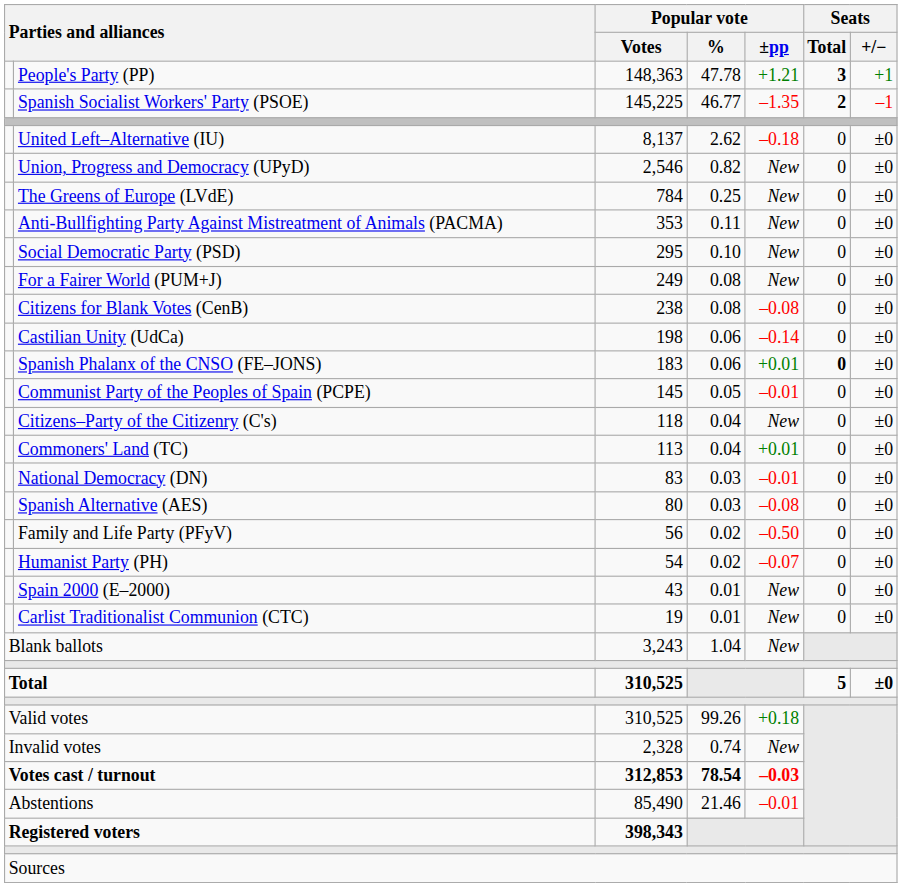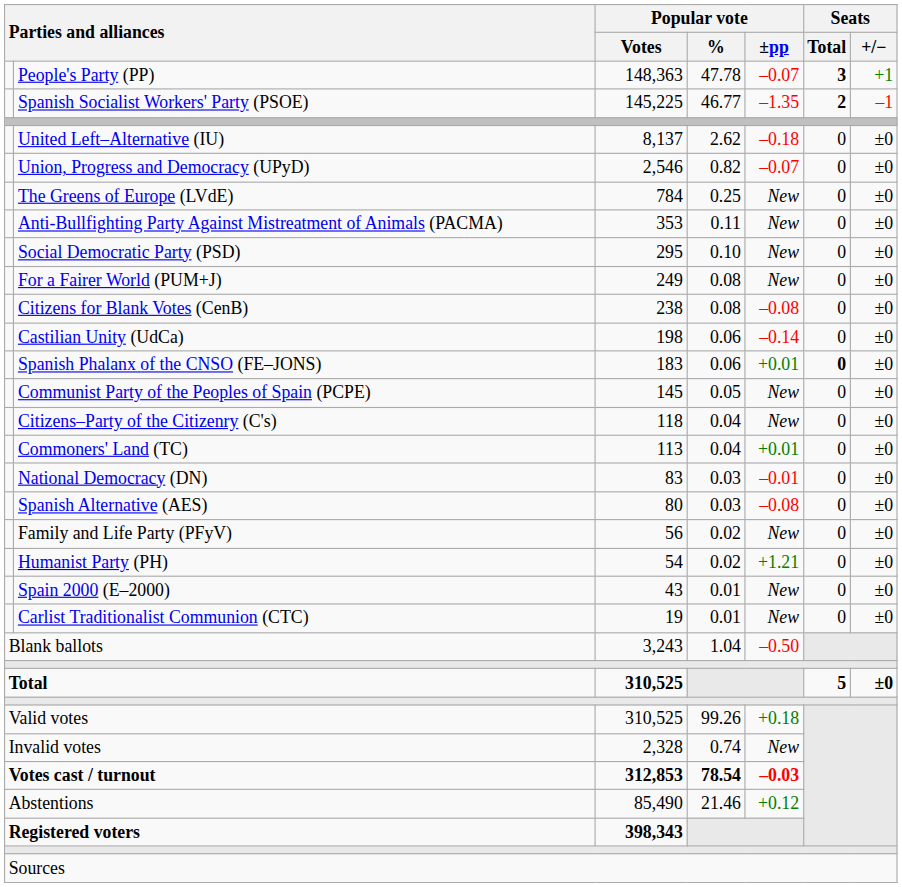 <table class="wikitable" style="text-align:right;">
 <tr>
 <th style="text-align:left;" rowspan="2" colspan="2" width="525">Parties and alliances</th>
 <th colspan="3">Popular vote</th>
 <th colspan="2">Seats</th>
 </tr>
 <tr>
 <th width="75">Votes</th>
 <th width="45">%</th>
 <th width="45">±<a href='#'>pp</a></th>
 <th width="35">Total</th>
 <th width="35">+/−</th>
 </tr>
 <tr>
 <td width="1" style="color:inherit;background:"></td>
 <td align="left"><a href='#'>People's Party</a> (PP)</td>
 <td>148,363</td>
 <td>47.78</td>
-<td style="color:green;">+1.21</td>
+<td style="color:red;">–0.07</td>
 <td><strong>3</strong></td>
 <td style="color:green;">+1</td>
 </tr>
 <tr>
 <td style="color:inherit;background:"></td>
 <td align="left"><a href='#'>Spanish Socialist Workers' Party</a> (PSOE)</td>
 <td>145,225</td>
 <td>46.77</td>
 <td style="color:red;">–1.35</td>
 <td><strong>2</strong></td>
 <td style="color:red;">–1</td>
 </tr>
 <tr>
 <td colspan="7" bgcolor="#C0C0C0"></td>
 </tr>
 <tr>
 <td style="color:inherit;background:"></td>
 <td align="left"><a href='#'>United Left–Alternative</a> (IU)</td>
 <td>8,137</td>
 <td>2.62</td>
 <td style="color:red;">–0.18</td>
 <td>0</td>
 <td>±0</td>
 </tr>
 <tr>
 <td style="color:inherit;background:"></td>
 <td align="left"><a href='#'>Union, Progress and Democracy</a> (UPyD)</td>
 <td>2,546</td>
 <td>0.82</td>
-<td><em>New</em></td>
+<td style="color:red;">–0.07</td>
 <td>0</td>
 <td>±0</td>
 </tr>
 <tr>
 <td style="color:inherit;background:"></td>
 <td align="left"><a href='#'>The Greens of Europe</a> (LVdE)</td>
 <td>784</td>
 <td>0.25</td>
 <td><em>New</em></td>
 <td>0</td>
 <td>±0</td>
 </tr>
 <tr>
 <td style="color:inherit;background:"></td>
 <td align="left"><a href='#'>Anti-Bullfighting Party Against Mistreatment of Animals</a> (PACMA)</td>
 <td>353</td>
 <td>0.11</td>
 <td><em>New</em></td>
 <td>0</td>
 <td>±0</td>
 </tr>
 <tr>
 <td style="color:inherit;background:"></td>
 <td align="left"><a href='#'>Social Democratic Party</a> (PSD)</td>
 <td>295</td>
 <td>0.10</td>
 <td><em>New</em></td>
 <td>0</td>
 <td>±0</td>
 </tr>
 <tr>
 <td style="color:inherit;background:"></td>
 <td align="left"><a href='#'>For a Fairer World</a> (PUM+J)</td>
 <td>249</td>
 <td>0.08</td>
 <td><em>New</em></td>
 <td>0</td>
 <td>±0</td>
 </tr>
 <tr>
 <td style="color:inherit;background:"></td>
 <td align="left"><a href='#'>Citizens for Blank Votes</a> (CenB)</td>
 <td>238</td>
 <td>0.08</td>
 <td style="color:red;">–0.08</td>
 <td>0</td>
 <td>±0</td>
 </tr>
 <tr>
 <td style="color:inherit;background:"></td>
 <td align="left"><a href='#'>Castilian Unity</a> (UdCa)</td>
 <td>198</td>
 <td>0.06</td>
 <td style="color:red;">–0.14</td>
 <td>0</td>
 <td>±0</td>
 </tr>
 <tr>
 <td style="color:inherit;background:"></td>
 <td align="left"><a href='#'>Spanish Phalanx of the CNSO</a> (FE–JONS)</td>
 <td>183</td>
 <td>0.06</td>
 <td style="color:green;">+0.01</td>
 <td><strong>0</strong></td>
 <td>±0</td>
 </tr>
 <tr>
 <td style="color:inherit;background:"></td>
 <td align="left"><a href='#'>Communist Party of the Peoples of Spain</a> (PCPE)</td>
 <td>145</td>
 <td>0.05</td>
-<td style="color:red;">–0.01</td>
+<td><em>New</em></td>
 <td>0</td>
 <td>±0</td>
 </tr>
 <tr>
 <td style="color:inherit;background:"></td>
 <td align="left"><a href='#'>Citizens–Party of the Citizenry</a> (C's)</td>
 <td>118</td>
 <td>0.04</td>
 <td><em>New</em></td>
 <td>0</td>
 <td>±0</td>
 </tr>
 <tr>
 <td style="color:inherit;background:"></td>
 <td align="left"><a href='#'>Commoners' Land</a> (TC)</td>
 <td>113</td>
 <td>0.04</td>
 <td style="color:green;">+0.01</td>
 <td>0</td>
 <td>±0</td>
 </tr>
 <tr>
 <td style="color:inherit;background:"></td>
 <td align="left"><a href='#'>National Democracy</a> (DN)</td>
 <td>83</td>
 <td>0.03</td>
 <td style="color:red;">–0.01</td>
 <td>0</td>
 <td>±0</td>
 </tr>
 <tr>
 <td style="color:inherit;background:"></td>
 <td align="left"><a href='#'>Spanish Alternative</a> (AES)</td>
 <td>80</td>
 <td>0.03</td>
 <td style="color:red;">–0.08</td>
 <td>0</td>
 <td>±0</td>
 </tr>
 <tr>
 <td style="color:inherit;background:"></td>
 <td align="left">Family and Life Party (PFyV)</td>
 <td>56</td>
 <td>0.02</td>
-<td style="color:red;">–0.50</td>
+<td><em>New</em></td>
 <td>0</td>
 <td>±0</td>
 </tr>
 <tr>
 <td style="color:inherit;background:"></td>
 <td align="left"><a href='#'>Humanist Party</a> (PH)</td>
 <td>54</td>
 <td>0.02</td>
-<td style="color:red;">–0.07</td>
+<td style="color:green;">+1.21</td>
 <td>0</td>
 <td>±0</td>
 </tr>
 <tr>
 <td style="color:inherit;background:"></td>
 <td align="left"><a href='#'>Spain 2000</a> (E–2000)</td>
 <td>43</td>
 <td>0.01</td>
 <td><em>New</em></td>
 <td>0</td>
 <td>±0</td>
 </tr>
 <tr>
 <td style="color:inherit;background:"></td>
 <td align="left"><a href='#'>Carlist Traditionalist Communion</a> (CTC)</td>
 <td>19</td>
 <td>0.01</td>
 <td><em>New</em></td>
 <td>0</td>
 <td>±0</td>
 </tr>
 <tr>
 <td align="left" colspan="2">Blank ballots</td>
 <td>3,243</td>
 <td>1.04</td>
-<td><em>New</em></td>
+<td style="color:red;">–0.50</td>
 <td bgcolor="#E9E9E9" colspan="2"></td>
 </tr>
 <tr>
 <td colspan="7" bgcolor="#E9E9E9"></td>
 </tr>
 <tr style="font-weight:bold;">
 <td align="left" colspan="2">Total</td>
 <td>310,525</td>
 <td bgcolor="#E9E9E9" colspan="2"></td>
 <td>5</td>
 <td>±0</td>
 </tr>
 <tr>
 <td colspan="7" bgcolor="#E9E9E9"></td>
 </tr>
 <tr>
 <td align="left" colspan="2">Valid votes</td>
 <td>310,525</td>
 <td>99.26</td>
 <td style="color:green;">+0.18</td>
 <td bgcolor="#E9E9E9" colspan="2" rowspan="5"></td>
 </tr>
 <tr>
 <td align="left" colspan="2">Invalid votes</td>
 <td>2,328</td>
 <td>0.74</td>
 <td><em>New</em></td>
 </tr>
 <tr style="font-weight:bold;">
 <td align="left" colspan="2">Votes cast / turnout</td>
 <td>312,853</td>
 <td>78.54</td>
 <td style="color:red;">–0.03</td>
 </tr>
 <tr>
 <td align="left" colspan="2">Abstentions</td>
 <td>85,490</td>
 <td>21.46</td>
-<td style="color:red;">–0.01</td>
+<td style="color:green;">+0.12</td>
 </tr>
 <tr style="font-weight:bold;">
 <td align="left" colspan="2">Registered voters</td>
 <td>398,343</td>
 <td bgcolor="#E9E9E9" colspan="2"></td>
 </tr>
 <tr>
 <td colspan="7" bgcolor="#E9E9E9"></td>
 </tr>
 <tr>
 <td align="left" colspan="7">Sources</td>
 </tr>
 </table>
